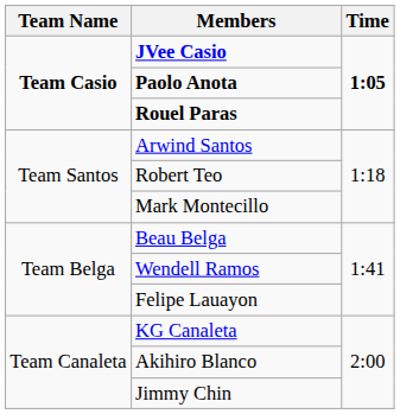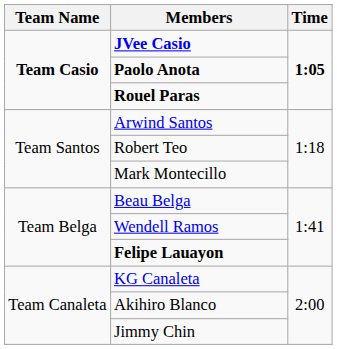 <table class="wikitable">
 <tr>
 <th>Team Name</th>
 <th style="width:165px;">Members</th>
 <th>Time</th>
 </tr>
 <tr>
 <td style="text-align:center;" rowspan=" 3"><strong>Team Casio</strong></td>
 <td><strong><a href='#'>JVee Casio</a></strong></td>
 <td style="text-align:center;" rowspan="3"><strong>1:05</strong></td>
 </tr>
 <tr>
 <td><strong>Paolo Anota</strong></td>
 </tr>
 <tr>
 <td><strong>Rouel Paras</strong></td>
 </tr>
 <tr>
 <td style="text-align:center;" rowspan="3">Team Santos</td>
 <td><a href='#'>Arwind Santos</a></td>
 <td style="text-align:center;" rowspan="3">1:18</td>
 </tr>
 <tr>
 <td>Robert Teo</td>
 </tr>
 <tr>
 <td>Mark Montecillo</td>
 </tr>
 <tr>
 <td style="text-align:center;" rowspan=" 3">Team Belga</td>
 <td><a href='#'>Beau Belga</a></td>
 <td style="text-align:center;" rowspan="3">1:41</td>
 </tr>
 <tr>
 <td><a href='#'>Wendell Ramos</a></td>
 </tr>
 <tr>
-<td>Felipe Lauayon</td>
+<td><strong>Felipe Lauayon</strong></td>
 </tr>
 <tr>
 <td style="text-align:center;" rowspan=" 3">Team Canaleta</td>
 <td><a href='#'>KG Canaleta</a></td>
 <td style="text-align:center;" rowspan="3">2:00</td>
 </tr>
 <tr>
 <td>Akihiro Blanco</td>
 </tr>
 <tr>
 <td>Jimmy Chin</td>
 </tr>
 </table>
